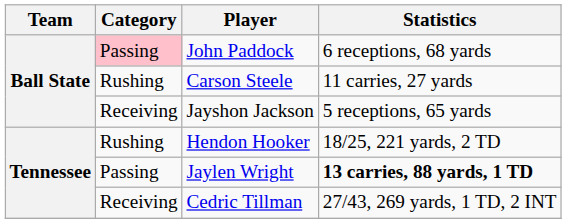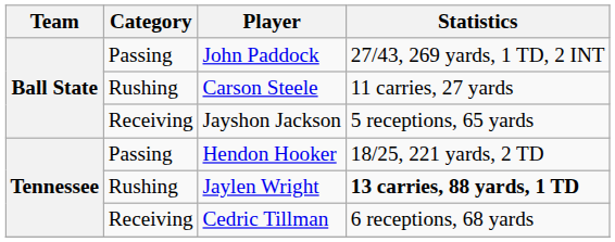 <table class="wikitable" style="float: right;">
 <tr>
 <th>Team</th>
 <th>Category</th>
 <th>Player</th>
 <th>Statistics</th>
 </tr>
 <tr>
 <th rowspan=3>Ball State</th>
-<td style="background: pink;">Passing</td>
+<td>Passing</td>
 <td><a href='#'>John Paddock</a></td>
-<td>6 receptions, 68 yards</td>
+<td>27/43, 269 yards, 1 TD, 2 INT</td>
 </tr>
 <tr>
 <td>Rushing</td>
 <td><a href='#'>Carson Steele</a></td>
 <td>11 carries, 27 yards</td>
 </tr>
 <tr>
 <td>Receiving</td>
 <td>Jayshon Jackson</td>
 <td>5 receptions, 65 yards</td>
 </tr>
 <tr>
 <th rowspan=3 style=>Tennessee</th>
-<td>Rushing</td>
+<td>Passing</td>
 <td><a href='#'>Hendon Hooker</a></td>
 <td>18/25, 221 yards, 2 TD</td>
 </tr>
 <tr>
-<td>Passing</td>
+<td>Rushing</td>
 <td><a href='#'>Jaylen Wright</a></td>
 <td><strong>13 carries, 88 yards, 1 TD</strong></td>
 </tr>
 <tr>
 <td>Receiving</td>
 <td><a href='#'>Cedric Tillman</a></td>
-<td>27/43, 269 yards, 1 TD, 2 INT</td>
+<td>6 receptions, 68 yards</td>
 </tr>
 <tr>
 </tr>
 </table>
